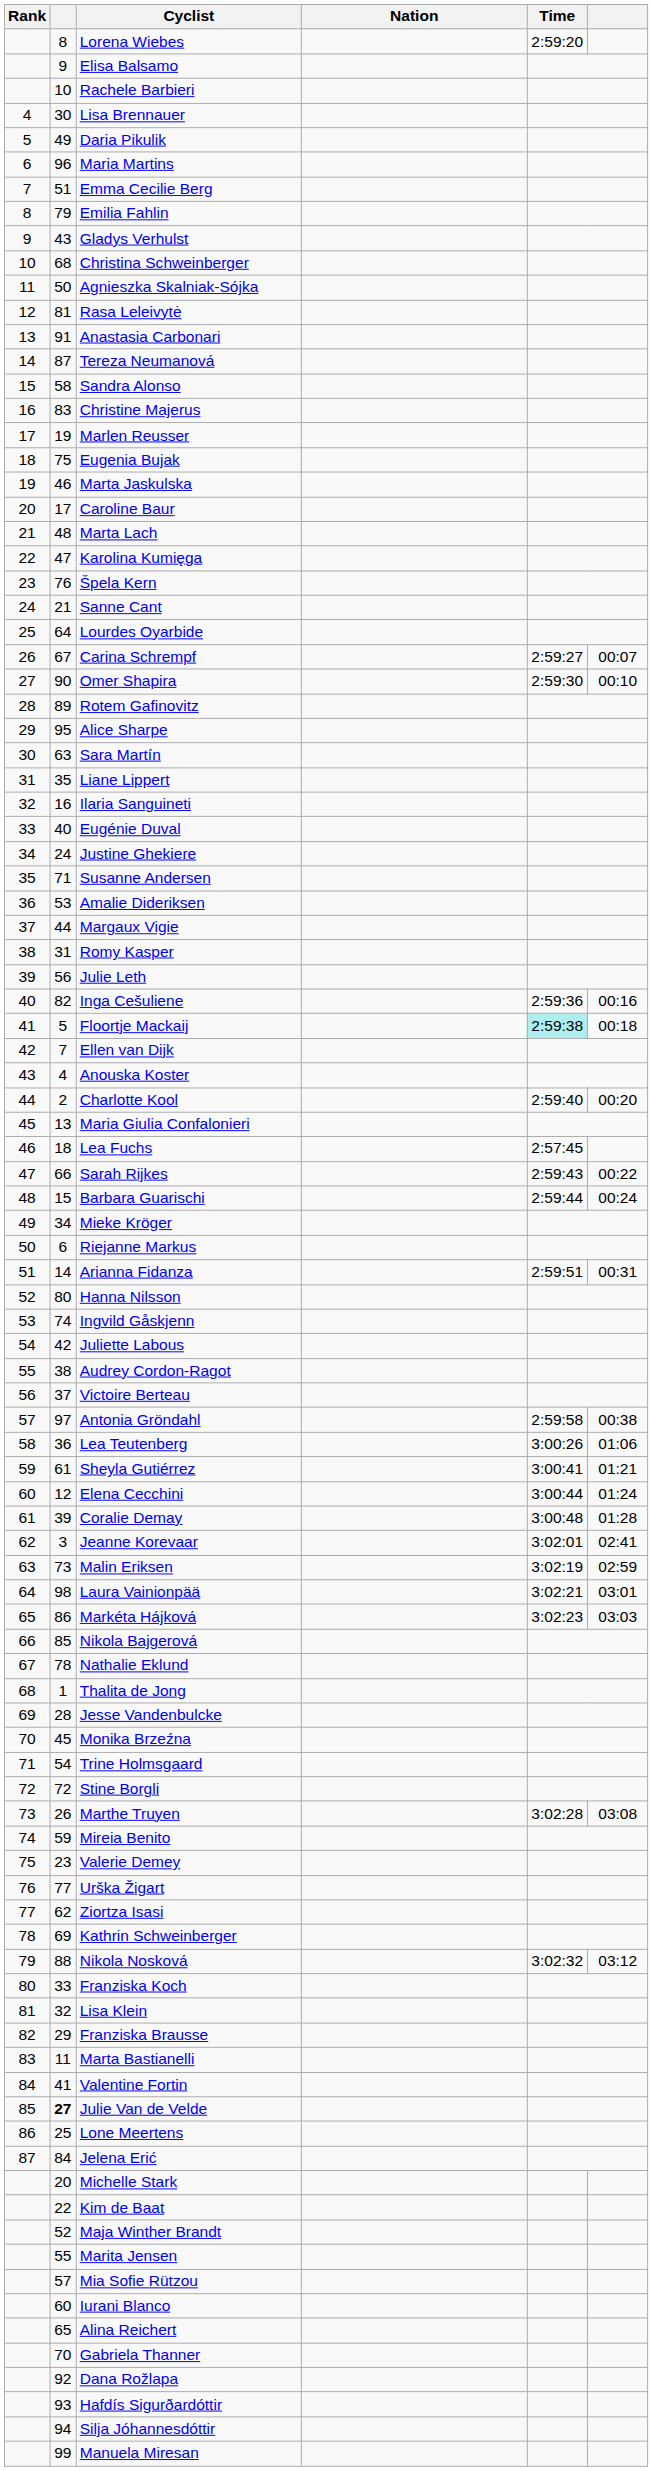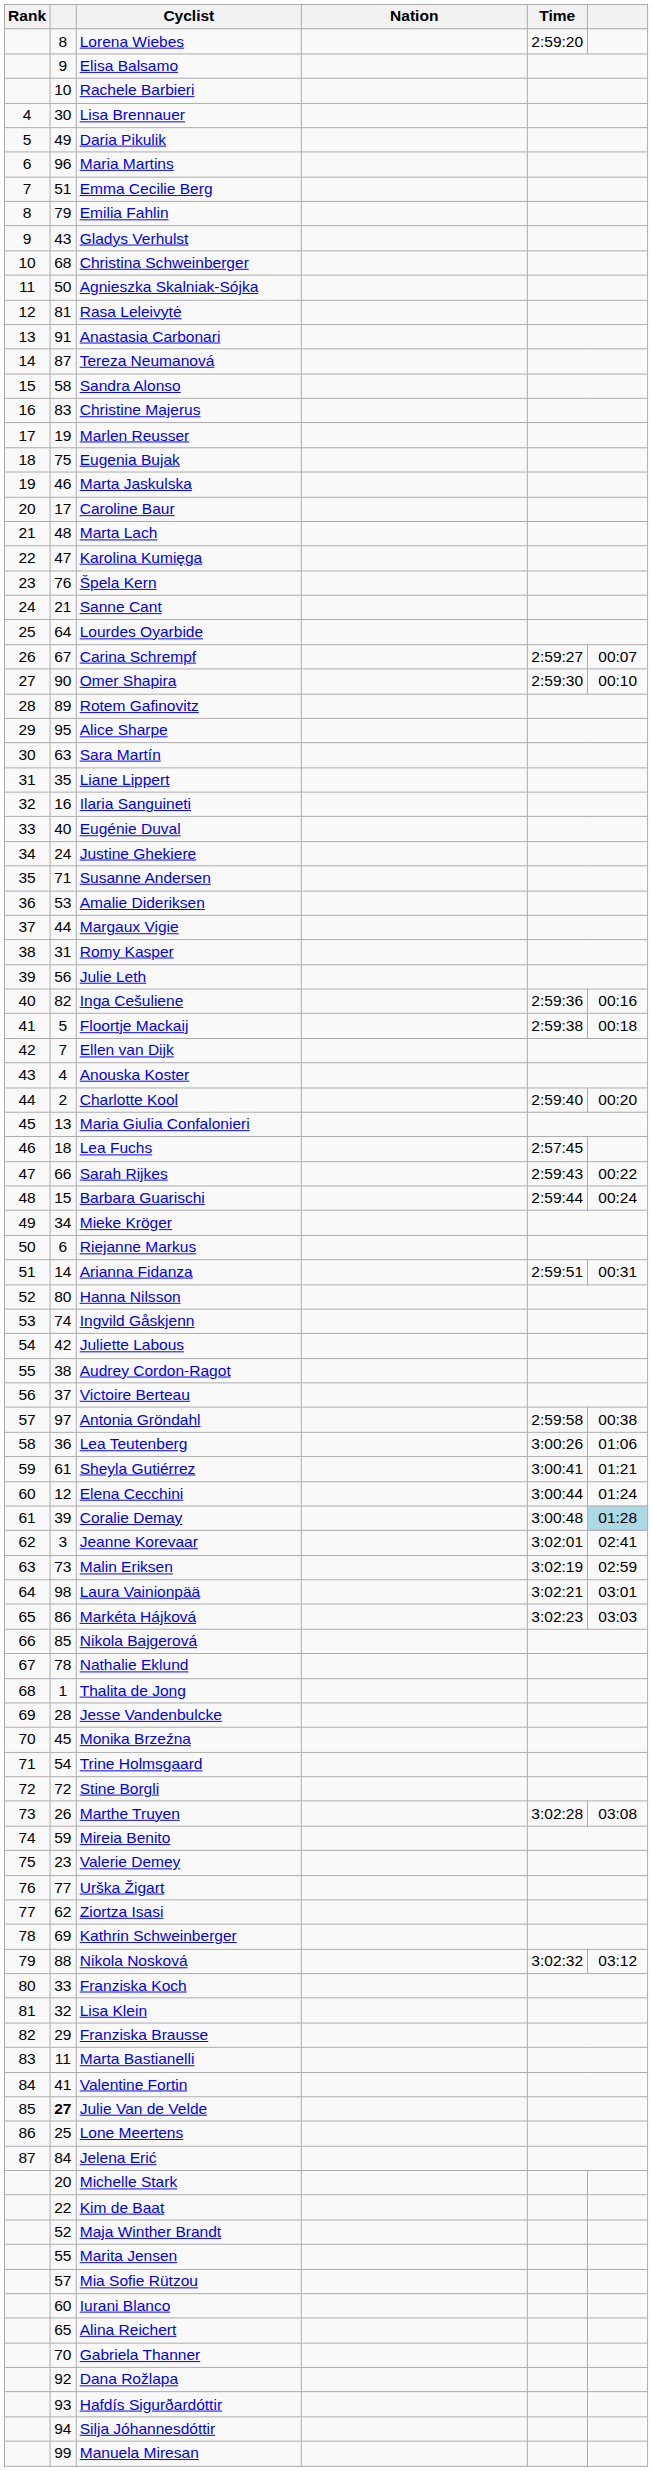 <table class="wikitable sortable" style="text-align:center">
 <tr style="background:#efefef;">
 <th width="30">Rank</th>
 <th width="20"></th>
 <th width="225">Cyclist</th>
 <th width="225">Nation</th>
 <th width="55">Time</th>
 <th width="55"></th>
 </tr>
 <tr>
 <td></td>
 <td>8</td>
 <td align="left"><a href='#'>Lorena Wiebes</a></td>
 <td align="left"></td>
 <td>2:59:20</td>
 <td></td>
 </tr>
 <tr>
 <td></td>
 <td>9</td>
 <td align="left"><a href='#'>Elisa Balsamo</a></td>
 <td align="left"></td>
 <td colspan="2"></td>
 </tr>
 <tr>
 <td></td>
 <td>10</td>
 <td align="left"><a href='#'>Rachele Barbieri</a></td>
 <td align="left"></td>
 <td colspan="2"></td>
 </tr>
 <tr>
 <td>4</td>
 <td>30</td>
 <td align="left"><a href='#'>Lisa Brennauer</a></td>
 <td align="left"></td>
 <td colspan="2"></td>
 </tr>
 <tr>
 <td>5</td>
 <td>49</td>
 <td align="left"><a href='#'>Daria Pikulik</a></td>
 <td align="left"></td>
 <td colspan="2"></td>
 </tr>
 <tr>
 <td>6</td>
 <td>96</td>
 <td align="left"><a href='#'>Maria Martins</a></td>
 <td align="left"></td>
 <td colspan="2"></td>
 </tr>
 <tr>
 <td>7</td>
 <td>51</td>
 <td align="left"><a href='#'>Emma Cecilie Berg</a></td>
 <td align="left"></td>
 <td colspan="2"></td>
 </tr>
 <tr>
 <td>8</td>
 <td>79</td>
 <td align="left"><a href='#'>Emilia Fahlin</a></td>
 <td align="left"></td>
 <td colspan="2"></td>
 </tr>
 <tr>
 <td>9</td>
 <td>43</td>
 <td align="left"><a href='#'>Gladys Verhulst</a></td>
 <td align="left"></td>
 <td colspan="2"></td>
 </tr>
 <tr>
 <td>10</td>
 <td>68</td>
 <td align="left"><a href='#'>Christina Schweinberger</a></td>
 <td align="left"></td>
 <td colspan="2"></td>
 </tr>
 <tr>
 <td>11</td>
 <td>50</td>
 <td align="left"><a href='#'>Agnieszka Skalniak-Sójka</a></td>
 <td align="left"></td>
 <td colspan="2"></td>
 </tr>
 <tr>
 <td>12</td>
 <td>81</td>
 <td align="left"><a href='#'>Rasa Leleivytė</a></td>
 <td align="left"></td>
 <td colspan="2"></td>
 </tr>
 <tr>
 <td>13</td>
 <td>91</td>
 <td align="left"><a href='#'>Anastasia Carbonari</a></td>
 <td align="left"></td>
 <td colspan="2"></td>
 </tr>
 <tr>
 <td>14</td>
 <td>87</td>
 <td align="left"><a href='#'>Tereza Neumanová</a></td>
 <td align="left"></td>
 <td colspan="2"></td>
 </tr>
 <tr>
 <td>15</td>
 <td>58</td>
 <td align="left"><a href='#'>Sandra Alonso</a></td>
 <td align="left"></td>
 <td colspan="2"></td>
 </tr>
 <tr>
 <td>16</td>
 <td>83</td>
 <td align="left"><a href='#'>Christine Majerus</a></td>
 <td align="left"></td>
 <td colspan="2"></td>
 </tr>
 <tr>
 <td>17</td>
 <td>19</td>
 <td align="left"><a href='#'>Marlen Reusser</a></td>
 <td align="left"></td>
 <td colspan="2"></td>
 </tr>
 <tr>
 <td>18</td>
 <td>75</td>
 <td align="left"><a href='#'>Eugenia Bujak</a></td>
 <td align="left"></td>
 <td colspan="2"></td>
 </tr>
 <tr>
 <td>19</td>
 <td>46</td>
 <td align="left"><a href='#'>Marta Jaskulska</a></td>
 <td align="left"></td>
 <td colspan="2"></td>
 </tr>
 <tr>
 <td>20</td>
 <td>17</td>
 <td align="left"><a href='#'>Caroline Baur</a></td>
 <td align="left"></td>
 <td colspan="2"></td>
 </tr>
 <tr>
 <td>21</td>
 <td>48</td>
 <td align="left"><a href='#'>Marta Lach</a></td>
 <td align="left"></td>
 <td colspan="2"></td>
 </tr>
 <tr>
 <td>22</td>
 <td>47</td>
 <td align="left"><a href='#'>Karolina Kumięga</a></td>
 <td align="left"></td>
 <td colspan="2"></td>
 </tr>
 <tr>
 <td>23</td>
 <td>76</td>
 <td align="left"><a href='#'>Špela Kern</a></td>
 <td align="left"></td>
 <td colspan="2"></td>
 </tr>
 <tr>
 <td>24</td>
 <td>21</td>
 <td align="left"><a href='#'>Sanne Cant</a></td>
 <td align="left"></td>
 <td colspan="2"></td>
 </tr>
 <tr>
 <td>25</td>
 <td>64</td>
 <td align="left"><a href='#'>Lourdes Oyarbide</a></td>
 <td align="left"></td>
 <td colspan="2"></td>
 </tr>
 <tr>
 <td>26</td>
 <td>67</td>
 <td align="left"><a href='#'>Carina Schrempf</a></td>
 <td align="left"></td>
 <td>2:59:27</td>
 <td>00:07</td>
 </tr>
 <tr>
 <td>27</td>
 <td>90</td>
 <td align="left"><a href='#'>Omer Shapira</a></td>
 <td align="left"></td>
 <td>2:59:30</td>
 <td>00:10</td>
 </tr>
 <tr>
 <td>28</td>
 <td>89</td>
 <td align="left"><a href='#'>Rotem Gafinovitz</a></td>
 <td align="left"></td>
 <td colspan="2"></td>
 </tr>
 <tr>
 <td>29</td>
 <td>95</td>
 <td align="left"><a href='#'>Alice Sharpe</a></td>
 <td align="left"></td>
 <td colspan="2"></td>
 </tr>
 <tr>
 <td>30</td>
 <td>63</td>
 <td align="left"><a href='#'>Sara Martín</a></td>
 <td align="left"></td>
 <td colspan="2"></td>
 </tr>
 <tr>
 <td>31</td>
 <td>35</td>
 <td align="left"><a href='#'>Liane Lippert</a></td>
 <td align="left"></td>
 <td colspan="2"></td>
 </tr>
 <tr>
 <td>32</td>
 <td>16</td>
 <td align="left"><a href='#'>Ilaria Sanguineti</a></td>
 <td align="left"></td>
 <td colspan="2"></td>
 </tr>
 <tr>
 <td>33</td>
 <td>40</td>
 <td align="left"><a href='#'>Eugénie Duval</a></td>
 <td align="left"></td>
 <td colspan="2"></td>
 </tr>
 <tr>
 <td>34</td>
 <td>24</td>
 <td align="left"><a href='#'>Justine Ghekiere</a></td>
 <td align="left"></td>
 <td colspan="2"></td>
 </tr>
 <tr>
 <td>35</td>
 <td>71</td>
 <td align="left"><a href='#'>Susanne Andersen</a></td>
 <td align="left"></td>
 <td colspan="2"></td>
 </tr>
 <tr>
 <td>36</td>
 <td>53</td>
 <td align="left"><a href='#'>Amalie Dideriksen</a></td>
 <td align="left"></td>
 <td colspan="2"></td>
 </tr>
 <tr>
 <td>37</td>
 <td>44</td>
 <td align="left"><a href='#'>Margaux Vigie</a></td>
 <td align="left"></td>
 <td colspan="2"></td>
 </tr>
 <tr>
 <td>38</td>
 <td>31</td>
 <td align="left"><a href='#'>Romy Kasper</a></td>
 <td align="left"></td>
 <td colspan="2"></td>
 </tr>
 <tr>
 <td>39</td>
 <td>56</td>
 <td align="left"><a href='#'>Julie Leth</a></td>
 <td align="left"></td>
 <td colspan="2"></td>
 </tr>
 <tr>
 <td>40</td>
 <td>82</td>
 <td align="left"><a href='#'>Inga Cešuliene</a></td>
 <td align="left"></td>
 <td>2:59:36</td>
 <td>00:16</td>
 </tr>
 <tr>
 <td>41</td>
 <td>5</td>
 <td align="left"><a href='#'>Floortje Mackaij</a></td>
 <td align="left"></td>
-<td style="background: paleturquoise;">2:59:38</td>
+<td>2:59:38</td>
 <td>00:18</td>
 </tr>
 <tr>
 <td>42</td>
 <td>7</td>
 <td align="left"><a href='#'>Ellen van Dijk</a></td>
 <td align="left"></td>
 <td colspan="2"></td>
 </tr>
 <tr>
 <td>43</td>
 <td>4</td>
 <td align="left"><a href='#'>Anouska Koster</a></td>
 <td align="left"></td>
 <td colspan="2"></td>
 </tr>
 <tr>
 <td>44</td>
 <td>2</td>
 <td align="left"><a href='#'>Charlotte Kool</a></td>
 <td align="left"></td>
 <td>2:59:40</td>
 <td>00:20</td>
 </tr>
 <tr>
 <td>45</td>
 <td>13</td>
 <td align="left"><a href='#'>Maria Giulia Confalonieri</a></td>
 <td align="left"></td>
 <td colspan="2"></td>
 </tr>
 <tr>
 <td>46</td>
 <td>18</td>
 <td align="left"><a href='#'>Lea Fuchs</a></td>
 <td align="left"></td>
 <td>2:57:45</td>
 <td colspan="2"></td>
 </tr>
 <tr>
 <td>47</td>
 <td>66</td>
 <td align="left"><a href='#'>Sarah Rijkes</a></td>
 <td align="left"></td>
 <td>2:59:43</td>
 <td>00:22</td>
 </tr>
 <tr>
 <td>48</td>
 <td>15</td>
 <td align="left"><a href='#'>Barbara Guarischi</a></td>
 <td align="left"></td>
 <td>2:59:44</td>
 <td>00:24</td>
 </tr>
 <tr>
 <td>49</td>
 <td>34</td>
 <td align="left"><a href='#'>Mieke Kröger</a></td>
 <td align="left"></td>
 <td colspan="2"></td>
 </tr>
 <tr>
 <td>50</td>
 <td>6</td>
 <td align="left"><a href='#'>Riejanne Markus</a></td>
 <td align="left"></td>
 <td colspan="2"></td>
 </tr>
 <tr>
 <td>51</td>
 <td>14</td>
 <td align="left"><a href='#'>Arianna Fidanza</a></td>
 <td align="left"></td>
 <td>2:59:51</td>
 <td>00:31</td>
 </tr>
 <tr>
 <td>52</td>
 <td>80</td>
 <td align="left"><a href='#'>Hanna Nilsson</a></td>
 <td align="left"></td>
 <td colspan="2"></td>
 </tr>
 <tr>
 <td>53</td>
 <td>74</td>
 <td align="left"><a href='#'>Ingvild Gåskjenn</a></td>
 <td align="left"></td>
 <td colspan="2"></td>
 </tr>
 <tr>
 <td>54</td>
 <td>42</td>
 <td align="left"><a href='#'>Juliette Labous</a></td>
 <td align="left"></td>
 <td colspan="2"></td>
 </tr>
 <tr>
 <td>55</td>
 <td>38</td>
 <td align="left"><a href='#'>Audrey Cordon-Ragot</a></td>
 <td align="left"></td>
 <td colspan="2"></td>
 </tr>
 <tr>
 <td>56</td>
 <td>37</td>
 <td align="left"><a href='#'>Victoire Berteau</a></td>
 <td align="left"></td>
 <td colspan="2"></td>
 </tr>
 <tr>
 <td>57</td>
 <td>97</td>
 <td align="left"><a href='#'>Antonia Gröndahl</a></td>
 <td align="left"></td>
 <td>2:59:58</td>
 <td>00:38</td>
 </tr>
 <tr>
 <td>58</td>
 <td>36</td>
 <td align="left"><a href='#'>Lea Teutenberg</a></td>
 <td align="left"></td>
 <td>3:00:26</td>
 <td>01:06</td>
 </tr>
 <tr>
 <td>59</td>
 <td>61</td>
 <td align="left"><a href='#'>Sheyla Gutiérrez</a></td>
 <td align="left"></td>
 <td>3:00:41</td>
 <td>01:21</td>
 </tr>
 <tr>
 <td>60</td>
 <td>12</td>
 <td align="left"><a href='#'>Elena Cecchini</a></td>
 <td align="left"></td>
 <td>3:00:44</td>
 <td>01:24</td>
 </tr>
 <tr>
 <td>61</td>
 <td>39</td>
 <td align="left"><a href='#'>Coralie Demay</a></td>
 <td align="left"></td>
 <td>3:00:48</td>
-<td>01:28</td>
+<td style="background: lightblue;">01:28</td>
 </tr>
 <tr>
 <td>62</td>
 <td>3</td>
 <td align="left"><a href='#'>Jeanne Korevaar</a></td>
 <td align="left"></td>
 <td>3:02:01</td>
 <td>02:41</td>
 </tr>
 <tr>
 <td>63</td>
 <td>73</td>
 <td align="left"><a href='#'>Malin Eriksen</a></td>
 <td align="left"></td>
 <td>3:02:19</td>
 <td>02:59</td>
 </tr>
 <tr>
 <td>64</td>
 <td>98</td>
 <td align="left"><a href='#'>Laura Vainionpää</a></td>
 <td align="left"></td>
 <td>3:02:21</td>
 <td>03:01</td>
 </tr>
 <tr>
 <td>65</td>
 <td>86</td>
 <td align="left"><a href='#'>Markéta Hájková</a></td>
 <td align="left"></td>
 <td>3:02:23</td>
 <td>03:03</td>
 </tr>
 <tr>
 <td>66</td>
 <td>85</td>
 <td align="left"><a href='#'>Nikola Bajgerová</a></td>
 <td align="left"></td>
 <td colspan="2"></td>
 </tr>
 <tr>
 <td>67</td>
 <td>78</td>
 <td align="left"><a href='#'>Nathalie Eklund</a></td>
 <td align="left"></td>
 <td colspan="2"></td>
 </tr>
 <tr>
 <td>68</td>
 <td>1</td>
 <td align="left"><a href='#'>Thalita de Jong</a></td>
 <td align="left"></td>
 <td colspan="2"></td>
 </tr>
 <tr>
 <td>69</td>
 <td>28</td>
 <td align="left"><a href='#'>Jesse Vandenbulcke</a></td>
 <td align="left"></td>
 <td colspan="2"></td>
 </tr>
 <tr>
 <td>70</td>
 <td>45</td>
 <td align="left"><a href='#'>Monika Brzeźna</a></td>
 <td align="left"></td>
 <td colspan="2"></td>
 </tr>
 <tr>
 <td>71</td>
 <td>54</td>
 <td align="left"><a href='#'>Trine Holmsgaard</a></td>
 <td align="left"></td>
 <td colspan="2"></td>
 </tr>
 <tr>
 <td>72</td>
 <td>72</td>
 <td align="left"><a href='#'>Stine Borgli</a></td>
 <td align="left"></td>
 <td colspan="2"></td>
 </tr>
 <tr>
 <td>73</td>
 <td>26</td>
 <td align="left"><a href='#'>Marthe Truyen</a></td>
 <td align="left"></td>
 <td>3:02:28</td>
 <td>03:08</td>
 </tr>
 <tr>
 <td>74</td>
 <td>59</td>
 <td align="left"><a href='#'>Mireia Benito</a></td>
 <td align="left"></td>
 <td colspan="2"></td>
 </tr>
 <tr>
 <td>75</td>
 <td>23</td>
 <td align="left"><a href='#'>Valerie Demey</a></td>
 <td align="left"></td>
 <td colspan="2"></td>
 </tr>
 <tr>
 <td>76</td>
 <td>77</td>
 <td align="left"><a href='#'>Urška Žigart</a></td>
 <td align="left"></td>
 <td colspan="2"></td>
 </tr>
 <tr>
 <td>77</td>
 <td>62</td>
 <td align="left"><a href='#'>Ziortza Isasi</a></td>
 <td align="left"></td>
 <td colspan="2"></td>
 </tr>
 <tr>
 <td>78</td>
 <td>69</td>
 <td align="left"><a href='#'>Kathrin Schweinberger</a></td>
 <td align="left"></td>
 <td colspan="2"></td>
 </tr>
 <tr>
 <td>79</td>
 <td>88</td>
 <td align="left"><a href='#'>Nikola Nosková</a></td>
 <td align="left"></td>
 <td>3:02:32</td>
 <td>03:12</td>
 </tr>
 <tr>
 <td>80</td>
 <td>33</td>
 <td align="left"><a href='#'>Franziska Koch</a></td>
 <td align="left"></td>
 <td colspan="2"></td>
 </tr>
 <tr>
 <td>81</td>
 <td>32</td>
 <td align="left"><a href='#'>Lisa Klein</a></td>
 <td align="left"></td>
 <td colspan="2"></td>
 </tr>
 <tr>
 <td>82</td>
 <td>29</td>
 <td align="left"><a href='#'>Franziska Brausse</a></td>
 <td align="left"></td>
 <td colspan="2"></td>
 </tr>
 <tr>
 <td>83</td>
 <td>11</td>
 <td align="left"><a href='#'>Marta Bastianelli</a></td>
 <td align="left"></td>
 <td colspan="2"></td>
 </tr>
 <tr>
 <td>84</td>
 <td>41</td>
 <td align="left"><a href='#'>Valentine Fortin</a></td>
 <td align="left"></td>
 <td colspan="2"></td>
 </tr>
 <tr>
 <td>85</td>
 <td><strong>27</strong></td>
 <td align="left"><a href='#'>Julie Van de Velde</a></td>
 <td align="left"></td>
 <td colspan="2"></td>
 </tr>
 <tr>
 <td>86</td>
 <td>25</td>
 <td align="left"><a href='#'>Lone Meertens</a></td>
 <td align="left"></td>
 <td colspan="2"></td>
 </tr>
 <tr>
 <td>87</td>
 <td>84</td>
 <td align="left"><a href='#'>Jelena Erić</a></td>
 <td align="left"></td>
 <td colspan="2"></td>
 </tr>
 <tr>
 <td></td>
 <td>20</td>
 <td align="left"><a href='#'>Michelle Stark</a></td>
 <td align="left"></td>
 <td></td>
 <td></td>
 </tr>
 <tr>
 <td></td>
 <td>22</td>
 <td align="left"><a href='#'>Kim de Baat</a></td>
 <td align="left"></td>
 <td></td>
 <td></td>
 </tr>
 <tr>
 <td></td>
 <td>52</td>
 <td align="left"><a href='#'>Maja Winther Brandt</a></td>
 <td align="left"></td>
 <td></td>
 <td></td>
 </tr>
 <tr>
 <td></td>
 <td>55</td>
 <td align="left"><a href='#'>Marita Jensen</a></td>
 <td align="left"></td>
 <td></td>
 <td></td>
 </tr>
 <tr>
 <td></td>
 <td>57</td>
 <td align="left"><a href='#'>Mia Sofie Rützou</a></td>
 <td align="left"></td>
 <td></td>
 <td></td>
 </tr>
 <tr>
 <td></td>
 <td>60</td>
 <td align="left"><a href='#'>Iurani Blanco</a></td>
 <td align="left"></td>
 <td></td>
 <td></td>
 </tr>
 <tr>
 <td></td>
 <td>65</td>
 <td align="left"><a href='#'>Alina Reichert</a></td>
 <td align="left"></td>
 <td></td>
 <td></td>
 </tr>
 <tr>
 <td></td>
 <td>70</td>
 <td align="left"><a href='#'>Gabriela Thanner</a></td>
 <td align="left"></td>
 <td></td>
 <td></td>
 </tr>
 <tr>
 <td></td>
 <td>92</td>
 <td align="left"><a href='#'>Dana Rožlapa</a></td>
 <td align="left"></td>
 <td></td>
 <td></td>
 </tr>
 <tr>
 <td></td>
 <td>93</td>
 <td align="left"><a href='#'>Hafdís Sigurðardóttir</a></td>
 <td align="left"></td>
 <td></td>
 <td></td>
 </tr>
 <tr>
 <td></td>
 <td>94</td>
 <td align="left"><a href='#'>Silja Jóhannesdóttir</a></td>
 <td align="left"></td>
 <td></td>
 <td></td>
 </tr>
 <tr>
 <td></td>
 <td>99</td>
 <td align="left"><a href='#'>Manuela Miresan</a></td>
 <td align="left"></td>
 <td></td>
 <td></td>
 </tr>
 </table>
